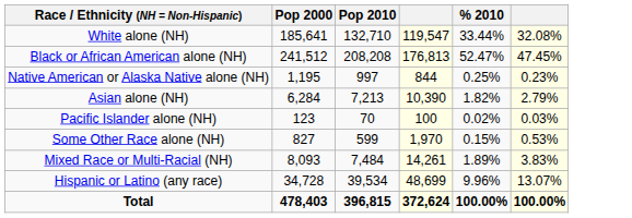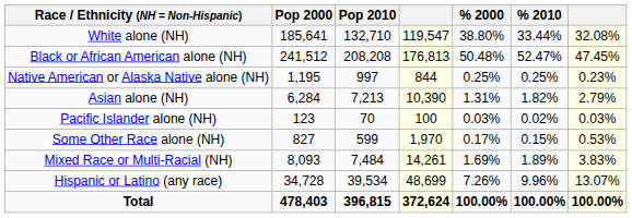 <table class="wikitable" style="text-align:center;">
 <tr>
 <th>Race / Ethnicity <small>(<em>NH = Non-Hispanic</em>)</small></th>
 <th>Pop 2000</th>
 <th>Pop 2010</th>
 <th></th>
+<th>% 2000</th>
 <th>% 2010</th>
 <th></th>
 </tr>
 <tr>
 <td><a href='#'>White</a> alone (NH)</td>
 <td>185,641</td>
 <td>132,710</td>
 <td style='background: #ffffe6;'>119,547</td>
+<td>38.80%</td>
 <td>33.44%</td>
 <td style='background: #ffffe6;'>32.08%</td>
 </tr>
 <tr>
 <td><a href='#'>Black or African American</a> alone (NH)</td>
 <td>241,512</td>
 <td>208,208</td>
 <td style='background: #ffffe6;'>176,813</td>
+<td>50.48%</td>
 <td>52.47%</td>
 <td style='background: #ffffe6;'>47.45%</td>
 </tr>
 <tr>
 <td><a href='#'>Native American</a> or <a href='#'>Alaska Native</a> alone (NH)</td>
 <td>1,195</td>
 <td>997</td>
 <td style='background: #ffffe6;'>844</td>
 <td>0.25%</td>
+<td>0.25%</td>
 <td style='background: #ffffe6;'>0.23%</td>
 </tr>
 <tr>
 <td><a href='#'>Asian</a> alone (NH)</td>
 <td>6,284</td>
 <td>7,213</td>
 <td style='background: #ffffe6;'>10,390</td>
+<td>1.31%</td>
 <td>1.82%</td>
 <td style='background: #ffffe6;'>2.79%</td>
 </tr>
 <tr>
 <td><a href='#'>Pacific Islander</a> alone (NH)</td>
 <td>123</td>
 <td>70</td>
 <td style='background: #ffffe6;'>100</td>
+<td>0.03%</td>
 <td>0.02%</td>
 <td style='background: #ffffe6;'>0.03%</td>
 </tr>
 <tr>
 <td><a href='#'>Some Other Race</a> alone (NH)</td>
 <td>827</td>
 <td>599</td>
 <td style='background: #ffffe6;'>1,970</td>
+<td>0.17%</td>
 <td>0.15%</td>
 <td style='background: #ffffe6;'>0.53%</td>
 </tr>
 <tr>
 <td><a href='#'>Mixed Race or Multi-Racial</a> (NH)</td>
 <td>8,093</td>
 <td>7,484</td>
 <td style='background: #ffffe6;'>14,261</td>
+<td>1.69%</td>
 <td>1.89%</td>
 <td style='background: #ffffe6;'>3.83%</td>
 </tr>
 <tr>
 <td><a href='#'>Hispanic or Latino</a> (any race)</td>
 <td>34,728</td>
 <td>39,534</td>
 <td style='background: #ffffe6;'>48,699</td>
+<td>7.26%</td>
 <td>9.96%</td>
 <td style='background: #ffffe6;'>13.07%</td>
 </tr>
 <tr>
 <td><strong>Total</strong></td>
 <td><strong>478,403</strong></td>
 <td><strong>396,815</strong></td>
 <td style='background: #ffffe6;'><strong>372,624</strong></td>
 <td><strong>100.00%</strong></td>
+<td><strong>100.00%</strong></td>
 <td style='background: #ffffe6;'><strong>100.00%</strong></td>
 </tr>
 </table>
